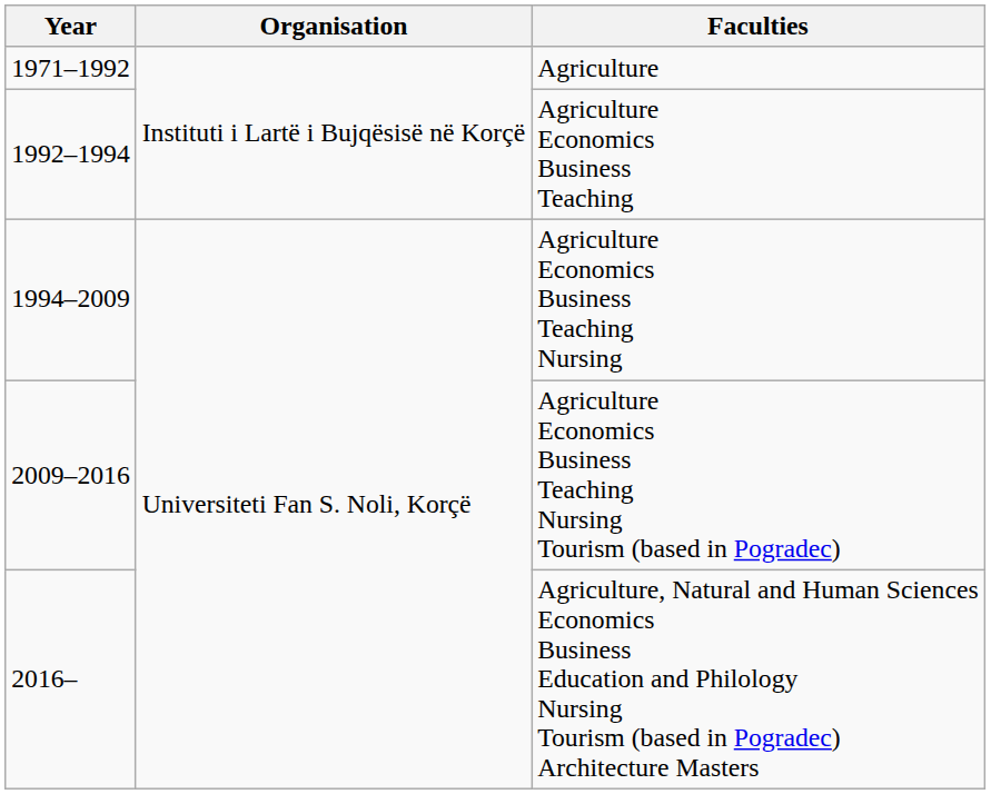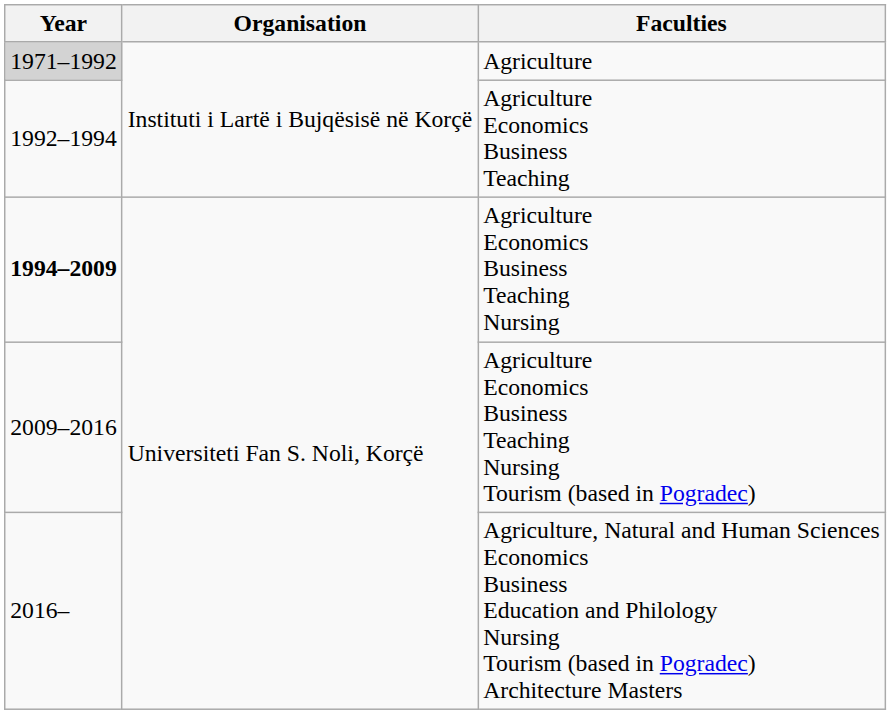 <table class="wikitable">
 <tr>
 <th>Year</th>
 <th>Organisation</th>
 <th>Faculties</th>
 </tr>
 <tr>
-<td>1971–1992</td>
+<td style="background: lightgrey;">1971–1992</td>
 <td rowspan=2>Instituti i Lartë i Bujqësisë në Korçë</td>
 <td>Agriculture</td>
 </tr>
 <tr>
 <td>1992–1994</td>
 <td>Agriculture<br>Economics<br>Business<br>Teaching</td>
 </tr>
 <tr>
-<td>1994–2009</td>
+<td><strong>1994–2009</strong></td>
 <td rowspan=3>Universiteti Fan S. Noli, Korçë</td>
 <td>Agriculture<br>Economics<br>Business<br>Teaching<br>Nursing</td>
 </tr>
 <tr>
 <td>2009–2016</td>
 <td>Agriculture<br>Economics<br>Business<br>Teaching<br>Nursing<br>Tourism (based in <a href='#'>Pogradec</a>)</td>
 </tr>
 <tr>
 <td>2016–</td>
 <td>Agriculture, Natural and Human Sciences<br>Economics<br>Business<br>Education and Philology<br>Nursing<br>Tourism (based in <a href='#'>Pogradec</a>)<br>Architecture Masters</td>
 </tr>
 </table>
